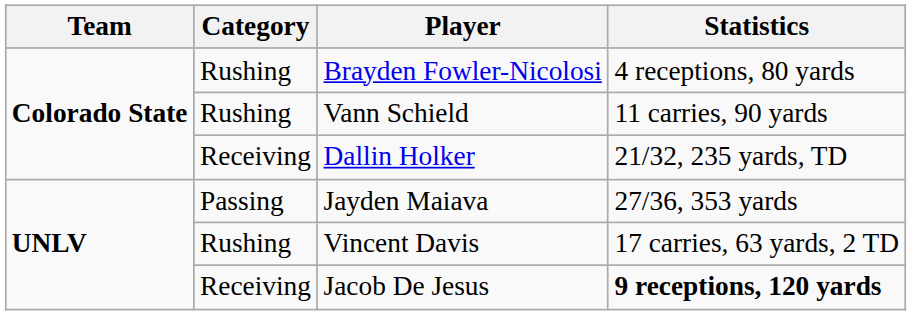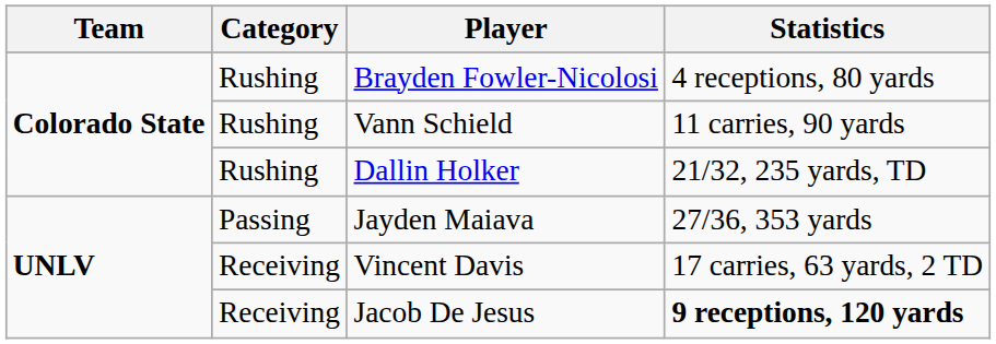 <table class="wikitable" style="float: right;">
 <tr>
 <th>Team</th>
 <th>Category</th>
 <th>Player</th>
 <th>Statistics</th>
 </tr>
 <tr>
 <td rowspan=3><strong>Colorado State</strong></td>
 <td>Rushing</td>
 <td><a href='#'>Brayden Fowler-Nicolosi</a></td>
 <td>4 receptions, 80 yards</td>
 </tr>
 <tr>
 <td>Rushing</td>
 <td>Vann Schield</td>
 <td>11 carries, 90 yards</td>
 </tr>
 <tr>
-<td>Receiving</td>
+<td>Rushing</td>
 <td><a href='#'>Dallin Holker</a></td>
 <td>21/32, 235 yards, TD</td>
 </tr>
 <tr>
 <td rowspan=3><strong>UNLV</strong></td>
 <td>Passing</td>
 <td>Jayden Maiava</td>
 <td>27/36, 353 yards</td>
 </tr>
 <tr>
-<td>Rushing</td>
+<td>Receiving</td>
 <td>Vincent Davis</td>
 <td>17 carries, 63 yards, 2 TD</td>
 </tr>
 <tr>
 <td>Receiving</td>
 <td>Jacob De Jesus</td>
 <td><strong>9 receptions, 120 yards</strong></td>
 </tr>
 </table>
